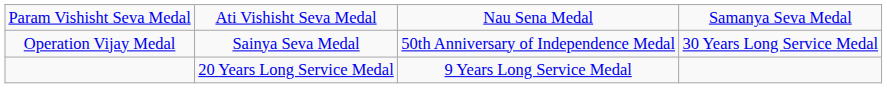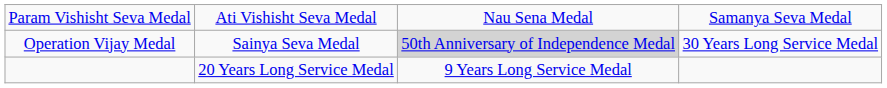 <table class="wikitable" style="margin:1em auto; text-align:center;">
 <tr>
 <td><a href='#'>Param Vishisht Seva Medal</a></td>
 <td><a href='#'>Ati Vishisht Seva Medal</a></td>
 <td><a href='#'>Nau Sena Medal</a></td>
 <td><a href='#'>Samanya Seva Medal</a></td>
 </tr>
 <tr>
 <td><a href='#'>Operation Vijay Medal</a></td>
 <td><a href='#'>Sainya Seva Medal</a></td>
-<td><a href='#'>50th Anniversary of Independence Medal</a></td>
+<td style="background: lightgrey;"><a href='#'>50th Anniversary of Independence Medal</a></td>
 <td><a href='#'>30 Years Long Service Medal</a></td>
 </tr>
 <tr>
 <td></td>
 <td><a href='#'>20 Years Long Service Medal</a></td>
 <td><a href='#'>9 Years Long Service Medal</a></td>
 <td></td>
 </tr>
 </table>
